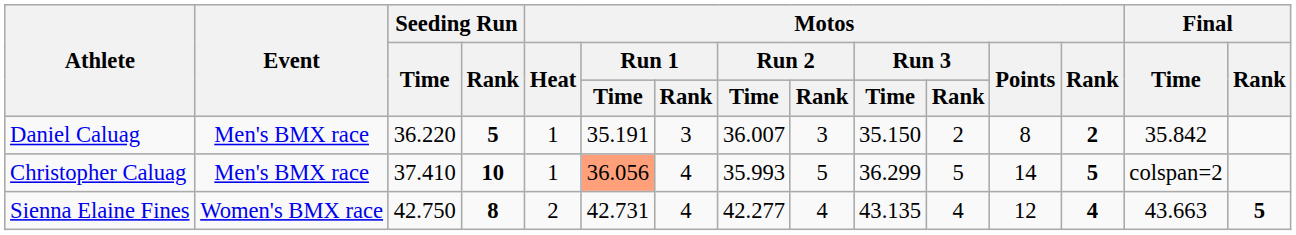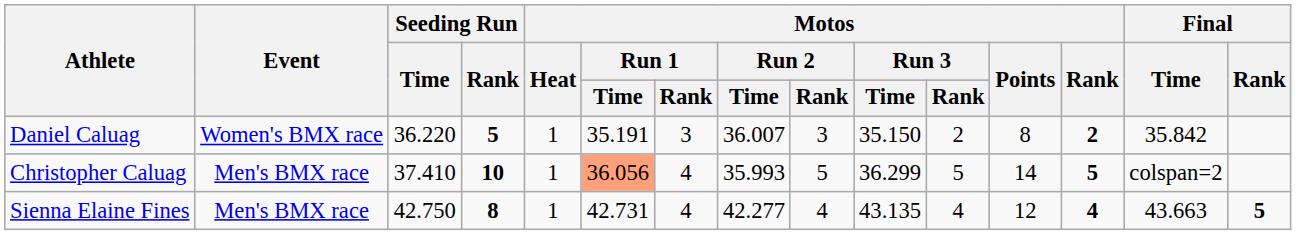 <table class=wikitable style="font-size:90%; text-align:center;">
 <tr>
 <th rowspan=3>Athlete</th>
 <th rowspan=3>Event</th>
 <th colspan=2>Seeding Run</th>
 <th colspan=9>Motos</th>
 <th colspan=2>Final</th>
 </tr>
 <tr>
 <th rowspan=2>Time</th>
 <th rowspan=2>Rank</th>
 <th rowspan=2>Heat</th>
 <th colspan=2>Run 1</th>
 <th colspan=2>Run 2</th>
 <th colspan=2>Run 3</th>
 <th rowspan=2>Points</th>
 <th rowspan=2>Rank</th>
 <th rowspan=2>Time</th>
 <th rowspan=2>Rank</th>
 </tr>
 <tr>
 <th>Time</th>
 <th>Rank</th>
 <th>Time</th>
 <th>Rank</th>
 <th>Time</th>
 <th>Rank</th>
 </tr>
 <tr>
 <td align=left><a href='#'>Daniel Caluag</a></td>
-<td><a href='#'>Men's BMX race</a></td>
+<td><a href='#'>Women's BMX race</a></td>
 <td>36.220</td>
 <td><strong>5</strong></td>
 <td>1</td>
 <td>35.191</td>
 <td>3</td>
 <td>36.007</td>
 <td>3</td>
 <td>35.150</td>
 <td>2</td>
 <td>8</td>
 <td><strong>2 </strong></td>
 <td>35.842</td>
 <td></td>
 </tr>
 <tr>
 <td align=left><a href='#'>Christopher Caluag</a></td>
 <td><a href='#'>Men's BMX race</a></td>
 <td>37.410</td>
 <td><strong>10</strong></td>
 <td>1</td>
 <td style="background: lightsalmon;">36.056</td>
 <td>4</td>
 <td>35.993</td>
 <td>5</td>
 <td>36.299</td>
 <td>5</td>
 <td>14</td>
 <td><strong>5</strong></td>
 <td>colspan=2 </td>
 </tr>
 <tr>
 <td align=left><a href='#'>Sienna Elaine Fines</a></td>
-<td><a href='#'>Women's BMX race</a></td>
+<td><a href='#'>Men's BMX race</a></td>
 <td>42.750</td>
 <td><strong>8</strong></td>
-<td>2</td>
+<td>1</td>
 <td>42.731</td>
 <td>4</td>
 <td>42.277</td>
 <td>4</td>
 <td>43.135</td>
 <td>4</td>
 <td>12</td>
 <td><strong>4 </strong></td>
 <td>43.663</td>
 <td><strong>5</strong></td>
 </tr>
 </table>
